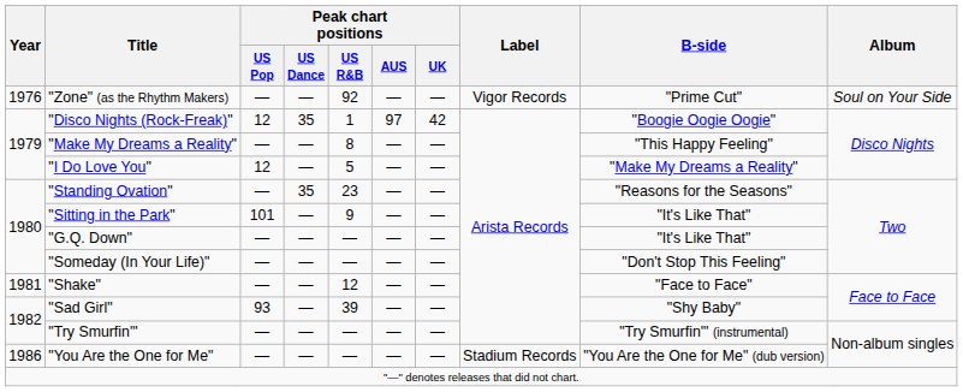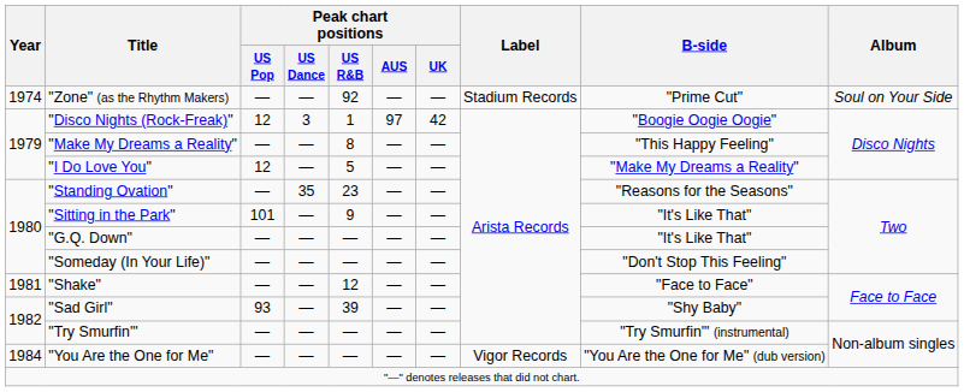 <table class="wikitable" style=text-align:center;>
 <tr>
 <th scope="col" rowspan="2">Year</th>
 <th scope="col" rowspan="2">Title</th>
 <th scope="col" colspan="5">Peak chart<br>positions</th>
 <th scope="col" rowspan="2">Label</th>
 <th scope="col" rowspan="2"><a href='#'>B-side</a></th>
 <th scope="col" rowspan="2">Album</th>
 </tr>
 <tr>
 <th align=centre width="40"><small><a href='#'>US Pop</a></small><br></th>
 <th align=centre width="40"><small><a href='#'>US Dance</a></small><br></th>
 <th align=centre width="40"><small><a href='#'>US R&B</a></small><br></th>
 <th align=centre width="40"><small><a href='#'>AUS</a></small><br></th>
 <th align=centre width="40"><small><a href='#'>UK</a></small><br></th>
 </tr>
 <tr>
-<td>1976</td>
+<td>1974</td>
 <td align=left>"Zone" <small>(as the Rhythm Makers)</small></td>
 <td>—</td>
 <td>—</td>
 <td>92</td>
 <td>—</td>
 <td>—</td>
-<td>Vigor Records</td>
+<td>Stadium Records</td>
 <td>"Prime Cut"</td>
 <td><em>Soul on Your Side</em></td>
 </tr>
 <tr>
 <td rowspan="3">1979</td>
 <td align=left>"<a href='#'>Disco Nights (Rock-Freak)</a>"</td>
 <td>12</td>
-<td>35</td>
+<td>3</td>
 <td>1</td>
 <td>97</td>
 <td>42</td>
 <td rowspan="10"><a href='#'>Arista Records</a></td>
 <td>"<a href='#'>Boogie Oogie Oogie</a>"</td>
 <td rowspan="3"><em><a href='#'>Disco Nights</a></em></td>
 </tr>
 <tr>
 <td align=left>"<a href='#'>Make My Dreams a Reality</a>"</td>
 <td>—</td>
 <td>—</td>
 <td>8</td>
 <td>—</td>
 <td>—</td>
 <td>"This Happy Feeling"</td>
 </tr>
 <tr>
 <td align=left>"<a href='#'>I Do Love You</a>"</td>
 <td>12</td>
 <td>—</td>
 <td>5</td>
 <td>—</td>
 <td>—</td>
 <td>"<a href='#'>Make My Dreams a Reality</a>"</td>
 </tr>
 <tr>
 <td rowspan="4">1980</td>
 <td align=left>"<a href='#'>Standing Ovation</a>"</td>
 <td>—</td>
 <td>35</td>
 <td>23</td>
 <td>—</td>
 <td>—</td>
 <td>"Reasons for the Seasons"</td>
 <td rowspan="4"><em><a href='#'>Two</a></em></td>
 </tr>
 <tr>
 <td align=left>"<a href='#'>Sitting in the Park</a>"</td>
 <td>101</td>
 <td>—</td>
 <td>9</td>
 <td>—</td>
 <td>—</td>
 <td>"It's Like That"</td>
 </tr>
 <tr>
 <td align=left>"G.Q. Down"</td>
 <td>—</td>
 <td>—</td>
 <td>—</td>
 <td>—</td>
 <td>—</td>
 <td>"It's Like That"</td>
 </tr>
 <tr>
 <td align=left>"Someday (In Your Life)"</td>
 <td>—</td>
 <td>—</td>
 <td>—</td>
 <td>—</td>
 <td>—</td>
 <td>"Don't Stop This Feeling"</td>
 </tr>
 <tr>
 <td>1981</td>
 <td align=left>"Shake"</td>
 <td>—</td>
 <td>—</td>
 <td>12</td>
 <td>—</td>
 <td>—</td>
 <td>"Face to Face"</td>
 <td rowspan="2"><em><a href='#'>Face to Face</a></em></td>
 </tr>
 <tr>
 <td rowspan="2">1982</td>
 <td align=left>"Sad Girl"</td>
 <td>93</td>
 <td>—</td>
 <td>39</td>
 <td>—</td>
 <td>—</td>
 <td>"Shy Baby"</td>
 </tr>
 <tr>
 <td align=left>"Try Smurfin'"</td>
 <td>—</td>
 <td>—</td>
 <td>—</td>
 <td>—</td>
 <td>—</td>
 <td>"Try Smurfin'" <small>(instrumental)</small></td>
 <td rowspan="2">Non-album singles</td>
 </tr>
 <tr>
-<td>1986</td>
+<td>1984</td>
 <td align=left>"You Are the One for Me"</td>
 <td>—</td>
 <td>—</td>
 <td>—</td>
 <td>—</td>
 <td>—</td>
-<td>Stadium Records</td>
+<td>Vigor Records</td>
 <td>"You Are the One for Me" <small>(dub version)</small></td>
 </tr>
 <tr>
 <td colspan="11" style="font-size:9pt; text-align:center;">"—" denotes releases that did not chart.</td>
 </tr>
 </table>
